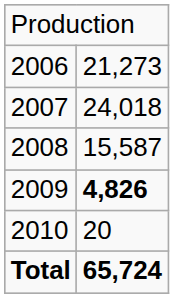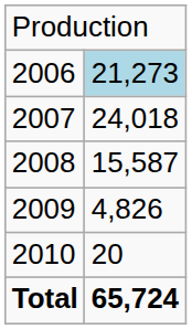 <table class="wikitable">
 <tr>
 <td colspan="2">Production</td>
 </tr>
 <tr>
 <td>2006</td>
-<td>21,273</td>
+<td style="background: lightblue;">21,273</td>
 </tr>
 <tr>
 <td>2007</td>
 <td>24,018</td>
 </tr>
 <tr>
 <td>2008</td>
 <td>15,587</td>
 </tr>
 <tr>
 <td>2009</td>
-<td><strong>4,826</strong></td>
+<td>4,826</td>
 </tr>
 <tr>
 <td>2010</td>
 <td>20</td>
 </tr>
 <tr>
 <td><strong> Total</strong></td>
 <td><strong>65,724</strong></td>
 </tr>
 </table>
